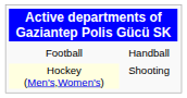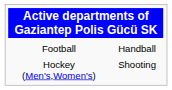 <table class="infobox" style="font-size: 88%; width: 17em; text-align: center">
 <tr>
 <th colspan=2 style="font-size: 125%; background-color: #0000FF; color: #FFFFFF">Active departments of<br>Gaziantep Polis Gücü SK</th>
 </tr>
 <tr>
 <td></td>
 <td></td>
 </tr>
 <tr>
 <td>Football</td>
 <td>Handball</td>
 </tr>
 <tr>
 <td></td>
 <td></td>
 </tr>
 <tr>
-<td style="background: lightyellow;">Hockey<br>(<a href='#'>Men's</a>,<a href='#'>Women's</a>)</td>
+<td>Hockey<br>(<a href='#'>Men's</a>,<a href='#'>Women's</a>)</td>
 <td>Shooting</td>
 </tr>
 </table>
